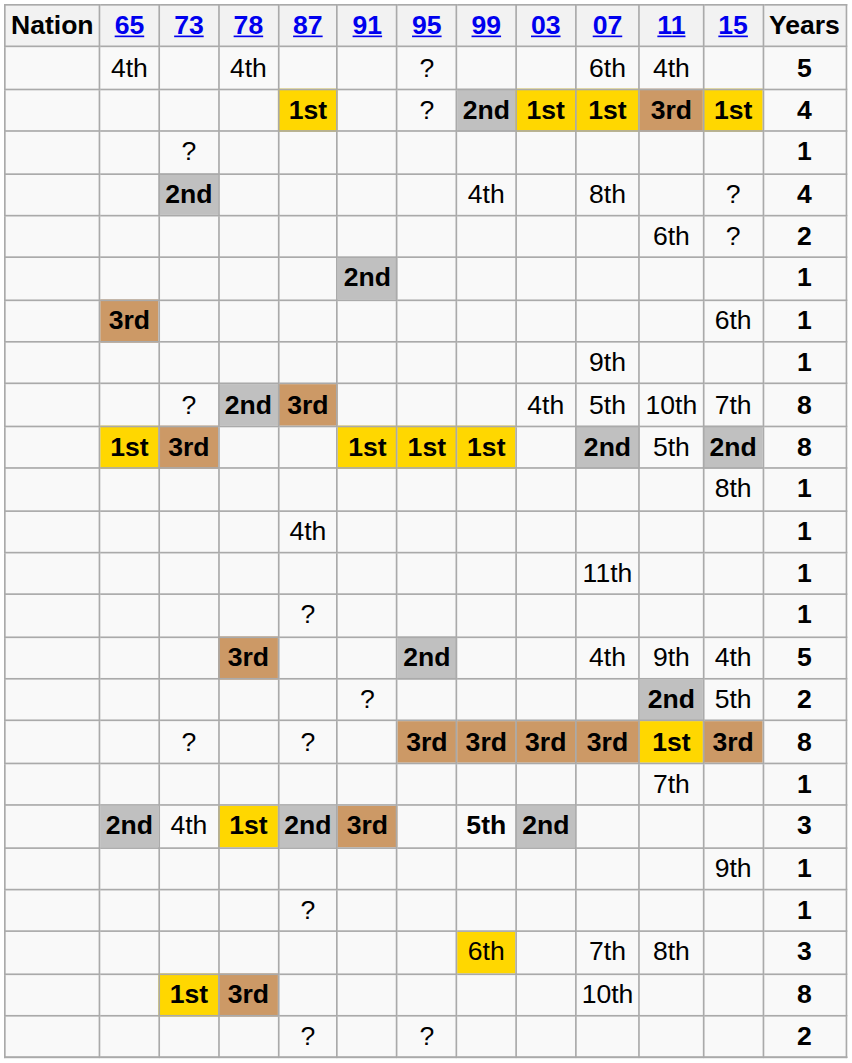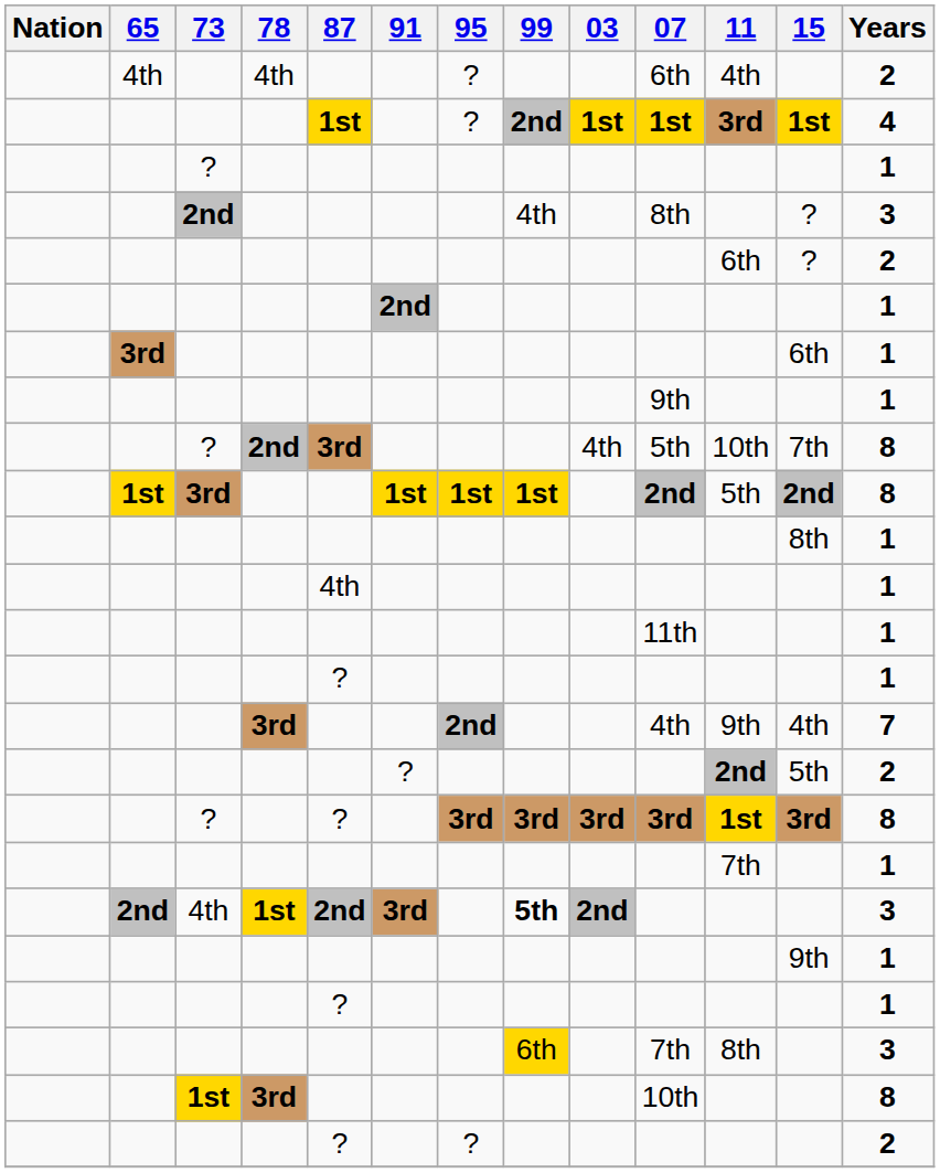 <table class="wikitable" style="text-align:center">
 <tr>
 <th>Nation</th>
 <th><a href='#'>65</a><br></th>
 <th><a href='#'>73</a><br></th>
 <th><a href='#'>78</a><br></th>
 <th><a href='#'>87</a><br></th>
 <th><a href='#'>91</a><br></th>
 <th><a href='#'>95</a><br></th>
 <th><a href='#'>99</a><br></th>
 <th><a href='#'>03</a><br></th>
 <th><a href='#'>07</a><br></th>
 <th><a href='#'>11</a><br></th>
 <th><a href='#'>15</a><br></th>
 <th>Years</th>
 </tr>
 <tr>
 <td align=left></td>
 <td>4th</td>
 <td></td>
 <td>4th</td>
 <td></td>
 <td></td>
 <td>?</td>
 <td></td>
 <td></td>
 <td>6th</td>
 <td>4th</td>
 <td></td>
-<td><strong>5</strong></td>
+<td><strong>2</strong></td>
 </tr>
 <tr>
 <td align=left></td>
 <td></td>
 <td></td>
 <td></td>
 <td bgcolor=gold><strong>1st</strong></td>
 <td></td>
 <td>?</td>
 <td bgcolor=silver><strong>2nd</strong></td>
 <td bgcolor=gold><strong>1st</strong></td>
 <td bgcolor=gold><strong>1st</strong></td>
 <td bgcolor=#cc9966><strong>3rd</strong></td>
 <td bgcolor=gold><strong>1st</strong></td>
 <td><strong>4</strong></td>
 </tr>
 <tr>
 <td align=left></td>
 <td></td>
 <td>?</td>
 <td></td>
 <td></td>
 <td></td>
 <td></td>
 <td></td>
 <td></td>
 <td></td>
 <td></td>
 <td></td>
 <td><strong>1</strong></td>
 </tr>
 <tr>
 <td align=left></td>
 <td></td>
 <td bgcolor=silver><strong>2nd</strong></td>
 <td></td>
 <td></td>
 <td></td>
 <td></td>
 <td>4th</td>
 <td></td>
 <td>8th</td>
 <td></td>
 <td>?</td>
-<td><strong>4</strong></td>
+<td><strong>3</strong></td>
 </tr>
 <tr>
 <td align=left></td>
 <td></td>
 <td></td>
 <td></td>
 <td></td>
 <td></td>
 <td></td>
 <td></td>
 <td></td>
 <td></td>
 <td>6th</td>
 <td>?</td>
 <td><strong>2</strong></td>
 </tr>
 <tr>
 <td align=left></td>
 <td></td>
 <td></td>
 <td></td>
 <td></td>
 <td bgcolor=silver><strong>2nd</strong></td>
 <td></td>
 <td></td>
 <td></td>
 <td></td>
 <td></td>
 <td></td>
 <td><strong>1</strong></td>
 </tr>
 <tr>
 <td align=left></td>
 <td bgcolor=#cc9966><strong>3rd</strong></td>
 <td></td>
 <td></td>
 <td></td>
 <td></td>
 <td></td>
 <td></td>
 <td></td>
 <td></td>
 <td></td>
 <td>6th</td>
 <td><strong>1</strong></td>
 </tr>
 <tr>
 <td align=left></td>
 <td></td>
 <td></td>
 <td></td>
 <td></td>
 <td></td>
 <td></td>
 <td></td>
 <td></td>
 <td>9th</td>
 <td></td>
 <td></td>
 <td><strong>1</strong></td>
 </tr>
 <tr>
 <td align=left></td>
 <td></td>
 <td>?</td>
 <td bgcolor=silver><strong>2nd</strong></td>
 <td bgcolor=#cc9966><strong>3rd</strong></td>
 <td></td>
 <td></td>
 <td></td>
 <td>4th</td>
 <td>5th</td>
 <td>10th</td>
 <td>7th</td>
 <td><strong>8</strong></td>
 </tr>
 <tr>
 <td align=left></td>
 <td bgcolor=gold><strong>1st</strong></td>
 <td bgcolor=#cc9966><strong>3rd</strong></td>
 <td></td>
 <td></td>
 <td bgcolor=gold><strong>1st</strong></td>
 <td bgcolor=gold><strong>1st</strong></td>
 <td bgcolor=gold><strong>1st</strong></td>
 <td></td>
 <td bgcolor=silver><strong>2nd</strong></td>
 <td>5th</td>
 <td bgcolor=silver><strong>2nd</strong></td>
 <td><strong>8</strong></td>
 </tr>
 <tr>
 <td align=left></td>
 <td></td>
 <td></td>
 <td></td>
 <td></td>
 <td></td>
 <td></td>
 <td></td>
 <td></td>
 <td></td>
 <td></td>
 <td>8th</td>
 <td><strong>1</strong></td>
 </tr>
 <tr>
 <td align=left></td>
 <td></td>
 <td></td>
 <td></td>
 <td>4th</td>
 <td></td>
 <td></td>
 <td></td>
 <td></td>
 <td></td>
 <td></td>
 <td></td>
 <td><strong>1</strong></td>
 </tr>
 <tr>
 <td align=left></td>
 <td></td>
 <td></td>
 <td></td>
 <td></td>
 <td></td>
 <td></td>
 <td></td>
 <td></td>
 <td>11th</td>
 <td></td>
 <td></td>
 <td><strong>1</strong></td>
 </tr>
 <tr>
 <td align=left></td>
 <td></td>
 <td></td>
 <td></td>
 <td>?</td>
 <td></td>
 <td></td>
 <td></td>
 <td></td>
 <td></td>
 <td></td>
 <td></td>
 <td><strong>1</strong></td>
 </tr>
 <tr>
 <td align=left></td>
 <td></td>
 <td></td>
 <td bgcolor=#cc9966><strong>3rd</strong></td>
 <td></td>
 <td></td>
 <td bgcolor=silver><strong>2nd</strong></td>
 <td></td>
 <td></td>
 <td>4th</td>
 <td>9th</td>
 <td>4th</td>
-<td><strong>5</strong></td>
+<td><strong>7</strong></td>
 </tr>
 <tr>
 <td align=left></td>
 <td></td>
 <td></td>
 <td></td>
 <td></td>
 <td>?</td>
 <td></td>
 <td></td>
 <td></td>
 <td></td>
 <td bgcolor=silver><strong>2nd</strong></td>
 <td>5th</td>
 <td><strong>2</strong></td>
 </tr>
 <tr>
 <td align=left></td>
 <td></td>
 <td>?</td>
 <td></td>
 <td>?</td>
 <td></td>
 <td bgcolor=#cc9966><strong>3rd</strong></td>
 <td bgcolor=#cc9966><strong>3rd</strong></td>
 <td bgcolor=#cc9966><strong>3rd</strong></td>
 <td bgcolor=#cc9966><strong>3rd</strong></td>
 <td bgcolor=gold><strong>1st</strong></td>
 <td bgcolor=#cc9966><strong>3rd</strong></td>
 <td><strong>8</strong></td>
 </tr>
 <tr>
 <td align=left></td>
 <td></td>
 <td></td>
 <td></td>
 <td></td>
 <td></td>
 <td></td>
 <td></td>
 <td></td>
 <td></td>
 <td>7th</td>
 <td></td>
 <td><strong>1</strong></td>
 </tr>
 <tr>
 <td align=left></td>
 <td bgcolor=silver><strong>2nd</strong></td>
 <td>4th</td>
 <td bgcolor=gold><strong>1st</strong></td>
 <td bgcolor=silver><strong>2nd</strong></td>
 <td bgcolor=#cc9966><strong>3rd</strong></td>
 <td></td>
 <td><strong>5th</strong></td>
 <td bgcolor=silver><strong>2nd</strong></td>
 <td></td>
 <td></td>
 <td></td>
 <td><strong>3</strong></td>
 </tr>
 <tr>
 <td align=left></td>
 <td></td>
 <td></td>
 <td></td>
 <td></td>
 <td></td>
 <td></td>
 <td></td>
 <td></td>
 <td></td>
 <td></td>
 <td>9th</td>
 <td><strong>1</strong></td>
 </tr>
 <tr>
 <td align=left></td>
 <td></td>
 <td></td>
 <td></td>
 <td>?</td>
 <td></td>
 <td></td>
 <td></td>
 <td></td>
 <td></td>
 <td></td>
 <td></td>
 <td><strong>1</strong></td>
 </tr>
 <tr>
 <td align=left></td>
 <td></td>
 <td></td>
 <td></td>
 <td></td>
 <td></td>
 <td></td>
 <td style="background: gold;">6th</td>
 <td></td>
 <td>7th</td>
 <td>8th</td>
 <td></td>
 <td><strong>3</strong></td>
 </tr>
 <tr>
 <td align=left></td>
 <td></td>
 <td bgcolor=gold><strong>1st</strong></td>
 <td bgcolor=#cc9966><strong>3rd</strong></td>
 <td></td>
 <td></td>
 <td></td>
 <td></td>
 <td></td>
 <td>10th</td>
 <td></td>
 <td></td>
 <td><strong>8</strong></td>
 </tr>
 <tr>
 <td align=left></td>
 <td></td>
 <td></td>
 <td></td>
 <td>?</td>
 <td></td>
 <td>?</td>
 <td></td>
 <td></td>
 <td></td>
 <td></td>
 <td></td>
 <td><strong>2</strong></td>
 </tr>
 <tr>
 </tr>
 </table>
